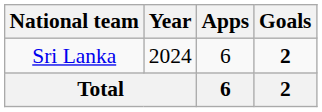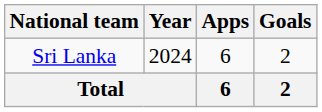 <table class="wikitable" style="text-align:center">
 <tr>
 <th>National team</th>
 <th>Year</th>
 <th>Apps</th>
 <th>Goals</th>
 </tr>
 <tr>
 <td><a href='#'>Sri Lanka</a></td>
 <td>2024</td>
 <td>6</td>
-<td><strong>2</strong></td>
+<td>2</td>
 </tr>
 <tr>
 <th colspan="2">Total</th>
 <th>6</th>
 <th>2</th>
 </tr>
 </table>
